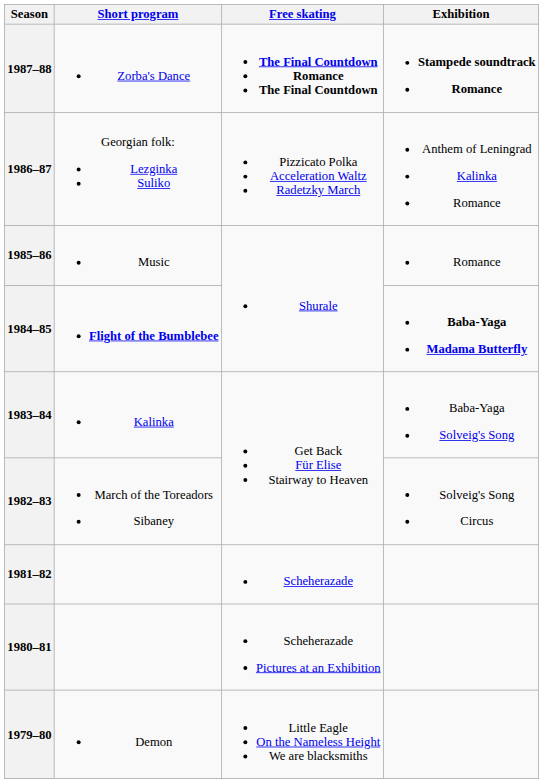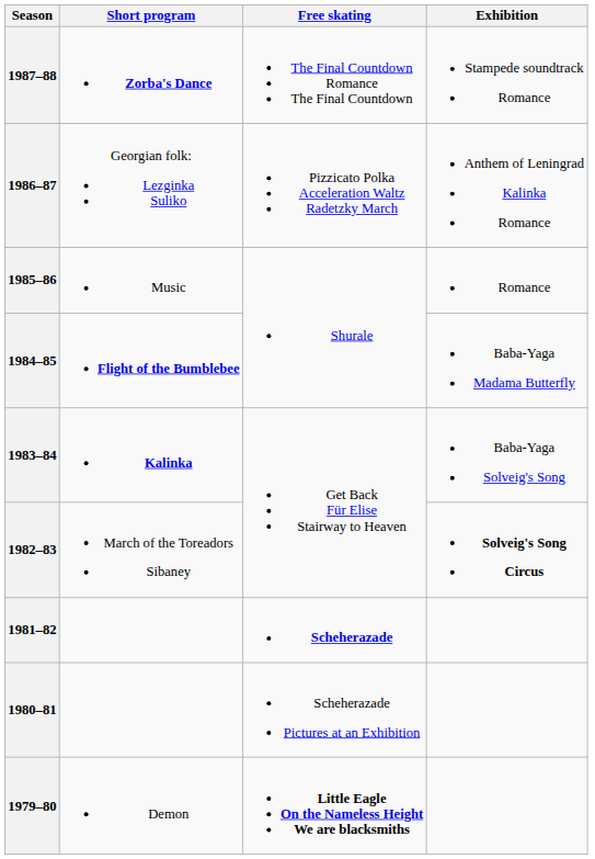 <table class=wikitable style=text-align:center>
 <tr>
 <th>Season</th>
 <th><a href='#'>Short program</a></th>
 <th><a href='#'>Free skating</a></th>
 <th>Exhibition</th>
 </tr>
 <tr>
 <th>1987–88</th>
-<td><br><ul><li><a href='#'>Zorba's Dance</a> <br></li></ul></td>
-<td><strong><br><ul><li><a href='#'>The Final Countdown</a> <br></li><li>Romance <br></li><li>The Final Countdown</li></ul></strong></td>
-<td><strong><br><ul><li>Stampede soundtrack</li></ul><ul><li>Romance <br></li></ul></strong></td>
+<td><strong><br><ul><li><a href='#'>Zorba's Dance</a> <br></li></ul></strong></td>
+<td><br><ul><li><a href='#'>The Final Countdown</a> <br></li><li>Romance <br></li><li>The Final Countdown</li></ul></td>
+<td><br><ul><li>Stampede soundtrack</li></ul><ul><li>Romance <br></li></ul></td>
 </tr>
 <tr>
 <th>1986–87</th>
 <td>Georgian folk:<br><ul><li><a href='#'>Lezginka</a></li><li><a href='#'>Suliko</a></li></ul></td>
 <td><br><ul><li>Pizzicato Polka</li><li><a href='#'>Acceleration Waltz</a> <br></li><li><a href='#'>Radetzky March</a> <br></li></ul></td>
 <td><br><ul><li>Anthem of Leningrad <br></li></ul><ul><li><a href='#'>Kalinka</a></li></ul><ul><li>Romance <br></li></ul></td>
 </tr>
 <tr>
 <th>1985–86</th>
 <td><br><ul><li>Music <br></li></ul></td>
 <td rowspan=2><br><ul><li><a href='#'>Shurale</a> <br></li></ul></td>
 <td><br><ul><li>Romance <br></li></ul></td>
 </tr>
 <tr>
 <th>1984–85</th>
 <td><strong><br><ul><li><a href='#'>Flight of the Bumblebee</a> <br></li></ul></strong></td>
-<td><strong><br><ul><li>Baba-Yaga <br></li></ul><ul><li><a href='#'>Madama Butterfly</a> <br></li></ul></strong></td>
+<td><br><ul><li>Baba-Yaga <br></li></ul><ul><li><a href='#'>Madama Butterfly</a> <br></li></ul></td>
 </tr>
 <tr>
 <th>1983–84</th>
-<td><br><ul><li><a href='#'>Kalinka</a></li></ul></td>
+<td><strong><br><ul><li><a href='#'>Kalinka</a></li></ul></strong></td>
 <td rowspan=2><br><ul><li>Get Back</li><li><a href='#'>Für Elise</a> <br></li><li>Stairway to Heaven</li></ul></td>
 <td><br><ul><li>Baba-Yaga <br></li></ul><ul><li><a href='#'>Solveig's Song</a> <br></li></ul></td>
 </tr>
 <tr>
 <th>1982–83</th>
 <td><br><ul><li>March of the Toreadors <br></li></ul><ul><li>Sibaney</li></ul></td>
-<td><br><ul><li>Solveig's Song <br></li></ul><ul><li>Circus</li></ul></td>
+<td><strong><br><ul><li>Solveig's Song <br></li></ul><ul><li>Circus</li></ul></strong></td>
 </tr>
 <tr>
 <th>1981–82</th>
 <td></td>
-<td><br><ul><li><a href='#'>Scheherazade</a> <br></li></ul></td>
+<td><strong><br><ul><li><a href='#'>Scheherazade</a> <br></li></ul></strong></td>
 <td></td>
 </tr>
 <tr>
 <th>1980–81</th>
 <td></td>
 <td><br><ul><li>Scheherazade <br></li></ul><ul><li><a href='#'>Pictures at an Exhibition</a> <br></li></ul></td>
 <td></td>
 </tr>
 <tr>
 <th>1979–80</th>
 <td><br><ul><li>Demon</li></ul></td>
-<td><br><ul><li>Little Eagle <br></li><li><a href='#'>On the Nameless Height</a> <br></li><li>We are blacksmiths <br></li></ul></td>
+<td><strong><br><ul><li>Little Eagle <br></li><li><a href='#'>On the Nameless Height</a> <br></li><li>We are blacksmiths <br></li></ul></strong></td>
 <td></td>
 </tr>
 </table>
